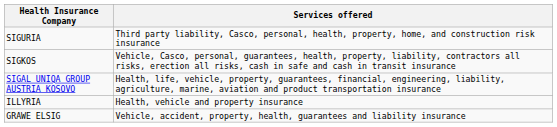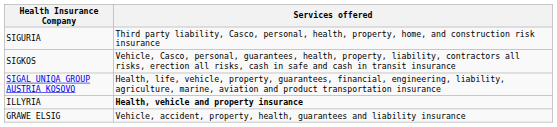 <table class="wikitable">
 <tr>
 <th>Health Insurance Company</th>
 <th>Services offered</th>
 </tr>
 <tr>
 <td>SIGURIA</td>
 <td>Third party liability, Casco, personal, health, property, home, and construction risk insurance</td>
 </tr>
 <tr>
 <td>SIGKOS</td>
 <td>Vehicle, Casco, personal, guarantees, health, property, liability, contractors all risks, erection all risks, cash in safe and cash in transit insurance</td>
 </tr>
 <tr>
 <td><a href='#'>SIGAL UNIQA GROUP AUSTRIA KOSOVO</a></td>
 <td>Health, life, vehicle, property, guarantees, financial, engineering, liability, agriculture, marine, aviation and product transportation insurance</td>
 </tr>
 <tr>
 <td>ILLYRIA</td>
-<td>Health, vehicle and property insurance</td>
+<td><strong>Health, vehicle and property insurance</strong></td>
 </tr>
 <tr>
 <td>GRAWE ELSIG</td>
 <td>Vehicle, accident, property, health, guarantees and liability insurance</td>
 </tr>
 </table>
